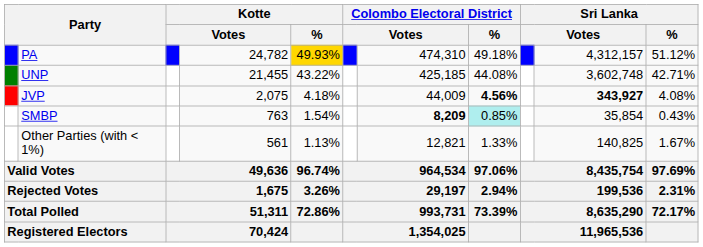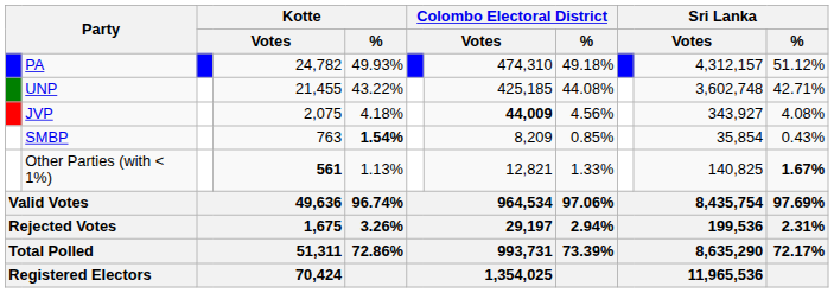 <table class="wikitable">
 <tr>
 <th colspan="2" width="144px"rowspan="2">Party</th>
 <th colspan="3" width="216px">Kotte</th>
 <th colspan="3" width="216px"><a href='#'>Colombo Electoral District</a></th>
 <th colspan="3" width="216px">Sri Lanka</th>
 </tr>
 <tr>
 <th colspan="2" width="144px">Votes</th>
 <th>%</th>
 <th colspan="2" width="144px">Votes</th>
 <th>%</th>
 <th colspan="2" width="144px">Votes</th>
 <th>%</th>
 </tr>
 <tr>
 <td style="background-color:blue;" width="10px"></td>
 <td style="text-align:left;"><a href='#'>PA</a></td>
 <td style="background-color:blue;" width="10px"></td>
 <td style="text-align:right;">24,782</td>
-<td style="background: gold; text-align:right;">49.93%</td>
+<td style="text-align:right;">49.93%</td>
 <td style="background-color:blue;" width="10px"></td>
 <td style="text-align:right;">474,310</td>
 <td style="text-align:right;">49.18%</td>
 <td style="background-color:blue;" width="10px"></td>
 <td style="text-align:right;">4,312,157</td>
 <td style="text-align:right;">51.12%</td>
 </tr>
 <tr>
 <td style="background-color:green;" width="10px"></td>
 <td style="text-align:left;"><a href='#'>UNP</a></td>
 <td style="background-color:white;" width="10px"></td>
 <td style="text-align:right;">21,455</td>
 <td style="text-align:right;">43.22%</td>
 <td style="background-color:white;" width="10px"></td>
 <td style="text-align:right;">425,185</td>
 <td style="text-align:right;">44.08%</td>
 <td style="background-color:white;" width="10px"></td>
 <td style="text-align:right;">3,602,748</td>
 <td style="text-align:right;">42.71%</td>
 </tr>
 <tr>
 <td style="background-color:red;" width="10px"></td>
 <td style="text-align:left;"><a href='#'>JVP</a></td>
 <td style="background-color:white;" width="10px"></td>
 <td style="text-align:right;">2,075</td>
 <td style="text-align:right;">4.18%</td>
 <td style="background-color:white;" width="10px"></td>
-<td style="text-align:right;">44,009</td>
-<td style="text-align:right;"><strong>4.56%</strong></td>
+<td style="text-align:right;"><strong>44,009</strong></td>
+<td style="text-align:right;">4.56%</td>
 <td style="background-color:white;" width="10px"></td>
-<td style="text-align:right;"><strong>343,927</strong></td>
+<td style="text-align:right;">343,927</td>
 <td style="text-align:right;">4.08%</td>
 </tr>
 <tr>
 <td style="background-color:white;" width="10px"></td>
 <td style="text-align:left;"><a href='#'>SMBP</a></td>
 <td style="background-color:white;" width="10px"></td>
 <td style="text-align:right;">763</td>
-<td style="text-align:right;">1.54%</td>
+<td style="text-align:right;"><strong>1.54%</strong></td>
 <td style="background-color:white;" width="10px"></td>
-<td style="text-align:right;"><strong>8,209</strong></td>
-<td style="background: paleturquoise; text-align:right;">0.85%</td>
+<td style="text-align:right;">8,209</td>
+<td style="text-align:right;">0.85%</td>
 <td style="background-color:white;" width="10px"></td>
 <td style="text-align:right;">35,854</td>
 <td style="text-align:right;">0.43%</td>
 </tr>
 <tr>
 <td style="background-color:white;" width="10px"></td>
 <td style="text-align:left;">Other Parties (with < 1%)</td>
 <td style="background-color:white;" width="10px"></td>
-<td style="text-align:right;">561</td>
+<td style="text-align:right;"><strong>561</strong></td>
 <td style="text-align:right;">1.13%</td>
 <td style="background-color:white;" width="10px"></td>
 <td style="text-align:right;">12,821</td>
 <td style="text-align:right;">1.33%</td>
 <td style="background-color:white;" width="10px"></td>
 <td style="text-align:right;">140,825</td>
-<td style="text-align:right;">1.67%</td>
+<td style="text-align:right;"><strong>1.67%</strong></td>
 </tr>
 <tr>
 <th colspan="2" width="144px"style="text-align:left;">Valid Votes</th>
 <th style="text-align:right;"colspan="2" width="144px">49,636</th>
 <th style="text-align:right;">96.74%</th>
 <th style="text-align:right;"colspan="2" width="144px">964,534</th>
 <th style="text-align:right;">97.06%</th>
 <th style="text-align:right;"colspan="2" width="144px">8,435,754</th>
 <th style="text-align:right;">97.69%</th>
 </tr>
 <tr>
 <th colspan="2" width="144px"style="text-align:left;">Rejected Votes</th>
 <th style="text-align:right;"colspan="2" width="144px">1,675</th>
 <th style="text-align:right;">3.26%</th>
 <th style="text-align:right;"colspan="2" width="144px">29,197</th>
 <th style="text-align:right;">2.94%</th>
 <th style="text-align:right;"colspan="2" width="144px">199,536</th>
 <th style="text-align:right;">2.31%</th>
 </tr>
 <tr>
 <th colspan="2" width="144px"style="text-align:left;">Total Polled</th>
 <th style="text-align:right;"colspan="2" width="144px">51,311</th>
 <th style="text-align:right;">72.86%</th>
 <th style="text-align:right;"colspan="2" width="144px">993,731</th>
 <th style="text-align:right;">73.39%</th>
 <th style="text-align:right;"colspan="2" width="144px">8,635,290</th>
 <th style="text-align:right;">72.17%</th>
 </tr>
 <tr>
 <th colspan="2" width="144px"style="text-align:left;">Registered Electors</th>
 <th style="text-align:right;"colspan="2" width="144px">70,424</th>
 <th></th>
 <th style="text-align:right;"colspan="2" width="144px">1,354,025</th>
 <th></th>
 <th style="text-align:right;"colspan="2" width="144px">11,965,536</th>
 <th></th>
 </tr>
 </table>
